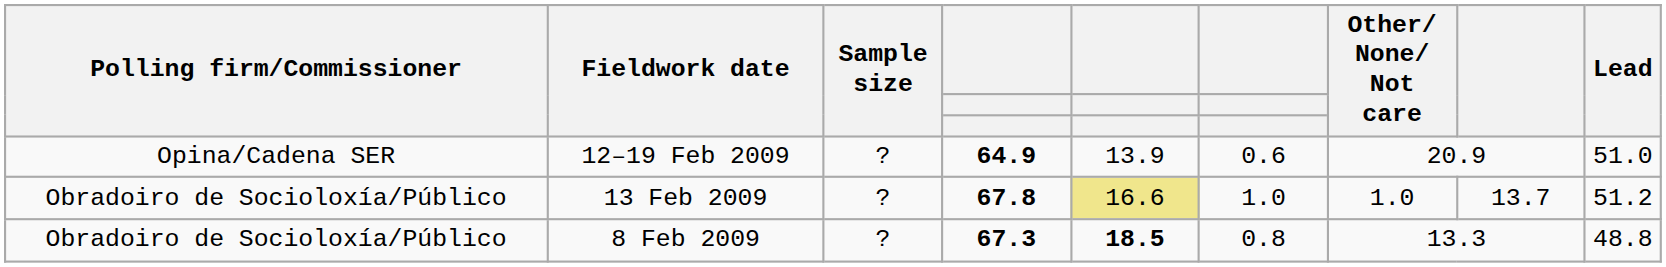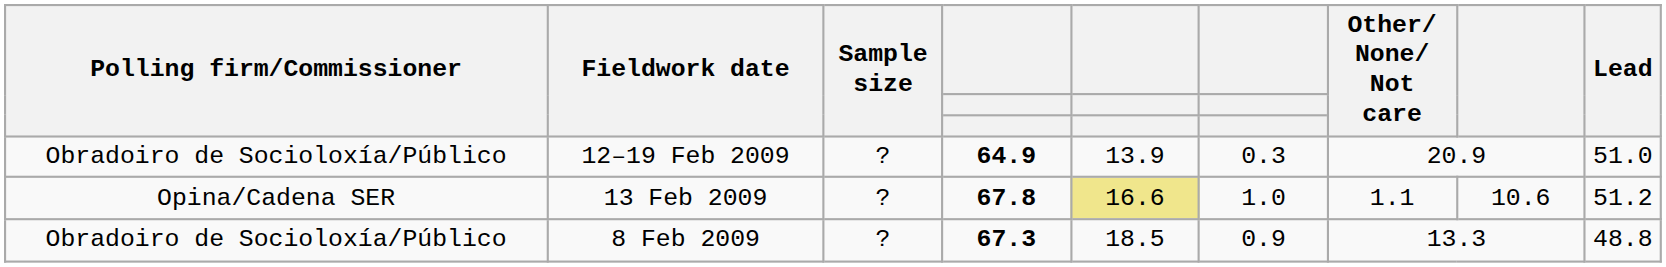 <table class="wikitable collapsible collapsed" style="text-align:center; font-size:90%; line-height:14px;">
 <tr style="height:42px;">
 <th style="width:250px;" rowspan="3">Polling firm/Commissioner</th>
 <th style="width:125px;" rowspan="3">Fieldwork date</th>
 <th style="width:50px;" rowspan="3">Sample size</th>
 <th style="width:55px;"></th>
 <th style="width:55px;"></th>
 <th style="width:55px;"></th>
 <th style="width:55px;" rowspan="3">Other/<br>None/<br>Not<br>care</th>
 <th style="width:55px;" rowspan="3"></th>
 <th style="width:30px;" rowspan="3">Lead</th>
 </tr>
 <tr>
 <th style="color:inherit;background:"></th>
 <th style="color:inherit;background:"></th>
 <th style="color:inherit;background:"></th>
 </tr>
 <tr>
 <th></th>
 <th></th>
 <th></th>
 </tr>
 <tr>
-<td>Opina/Cadena SER</td>
+<td>Obradoiro de Socioloxía/Público</td>
 <td>12–19 Feb 2009</td>
 <td>?</td>
 <td><strong>64.9</strong></td>
 <td>13.9</td>
-<td>0.6</td>
+<td>0.3</td>
 <td colspan="2">20.9</td>
 <td style="background:">51.0</td>
 </tr>
 <tr>
-<td>Obradoiro de Socioloxía/Público</td>
+<td>Opina/Cadena SER</td>
 <td>13 Feb 2009</td>
 <td>?</td>
 <td><strong>67.8</strong></td>
 <td style="background: khaki;">16.6</td>
 <td>1.0</td>
-<td>1.0</td>
-<td>13.7</td>
+<td>1.1</td>
+<td>10.6</td>
 <td style="background:">51.2</td>
 </tr>
 <tr>
 <td>Obradoiro de Socioloxía/Público</td>
 <td>8 Feb 2009</td>
 <td>?</td>
 <td><strong>67.3</strong></td>
-<td><strong>18.5</strong></td>
-<td>0.8</td>
+<td>18.5</td>
+<td>0.9</td>
 <td colspan="2">13.3</td>
 <td style="background:">48.8</td>
 </tr>
 </table>
